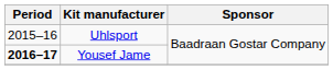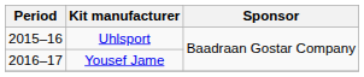 <table class="wikitable" style="text-align:center;">
 <tr>
 <th style="color:black;">Period</th>
 <th style="color:black;">Kit manufacturer</th>
 <th style="color:black;">Sponsor</th>
 </tr>
 <tr>
 <td>2015–16</td>
 <td rowspan=1><a href='#'>Uhlsport</a></td>
 <td rowspan=2>Baadraan Gostar Company</td>
 </tr>
 <tr>
-<td><strong>2016–17</strong></td>
+<td>2016–17</td>
 <td rowspan=1><a href='#'>Yousef Jame</a></td>
 </tr>
 <tr>
 </tr>
 </table>
